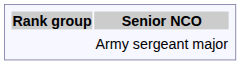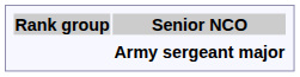 <table style="border:1px solid #8888aa; background-color:#f7f8ff; padding:5px; font-size:95%; margin: 0px 12px 12px 0px; text-align:center;">
 <tr style="background-color:#CCCCCC; text-align:center;">
 <th>Rank group</th>
 <th colspan=2>Senior NCO</th>
 </tr>
 <tr style="text-align:center;">
 <td rowspan=2><strong></strong></td>
 <td></td>
 </tr>
 <tr>
-<td>Army sergeant major</td>
+<td><strong>Army sergeant major</strong></td>
 </tr>
 </table>
